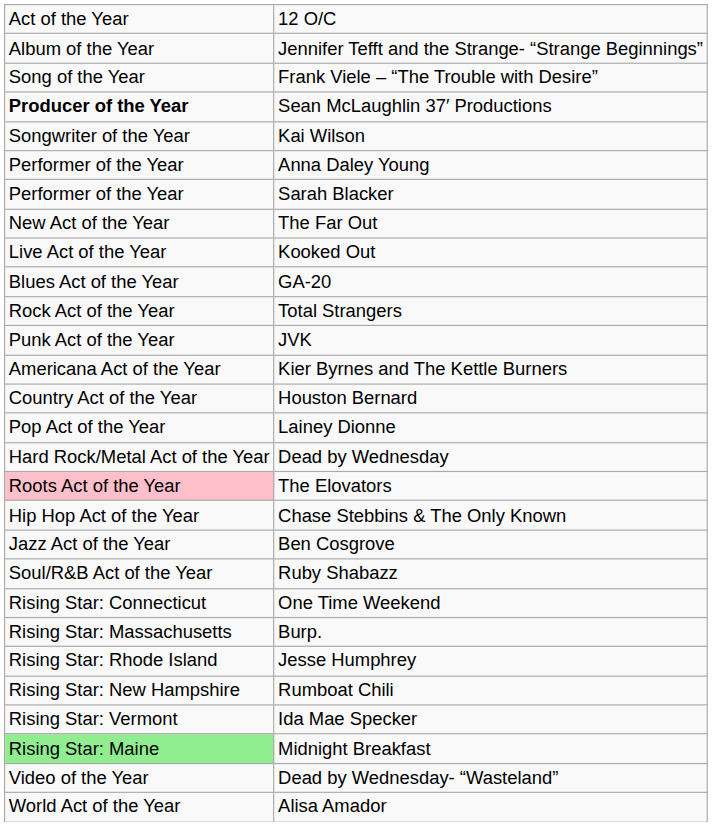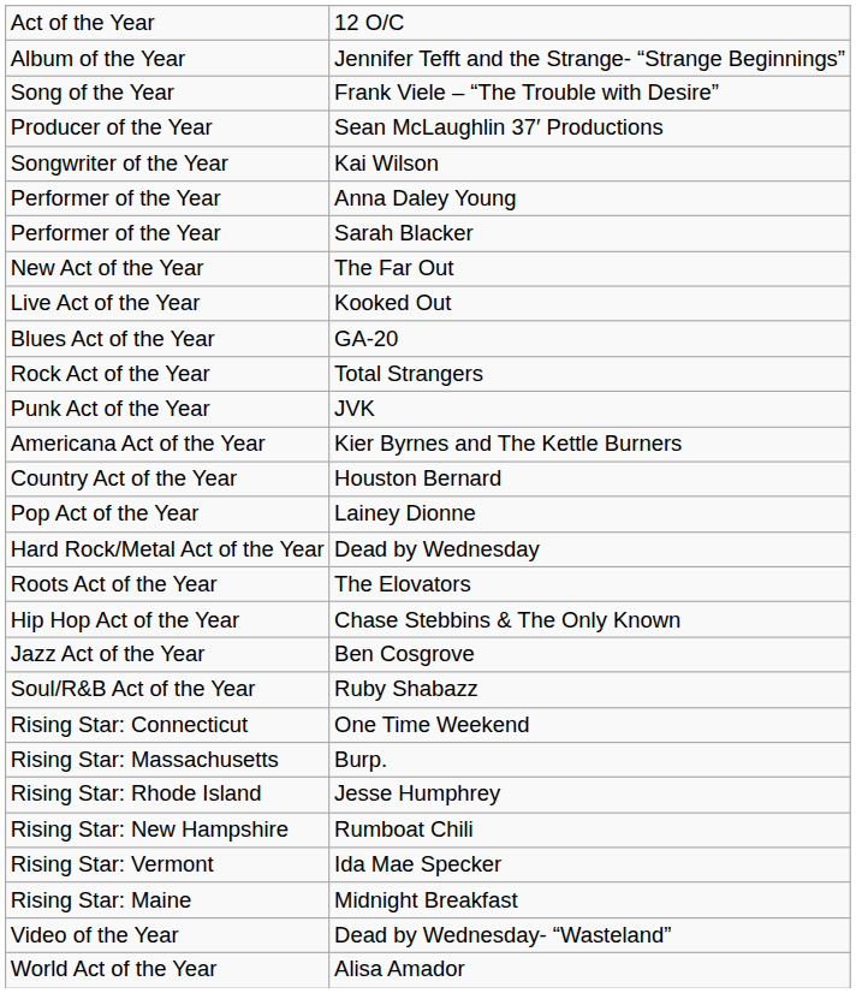 <table class="wikitable">
 <tr>
 <td>Act of the Year</td>
 <td>12 O/C</td>
 </tr>
 <tr>
 <td>Album of the Year</td>
 <td>Jennifer Tefft and the Strange- “Strange Beginnings”</td>
 </tr>
 <tr>
 <td>Song of the Year</td>
 <td>Frank Viele – “The Trouble with Desire”</td>
 </tr>
 <tr>
-<td><strong>Producer of the Year</strong></td>
+<td>Producer of the Year</td>
 <td>Sean McLaughlin 37′ Productions</td>
 </tr>
 <tr>
 <td>Songwriter of the Year</td>
 <td>Kai Wilson</td>
 </tr>
 <tr>
 <td>Performer of the Year</td>
 <td>Anna Daley Young</td>
 </tr>
 <tr>
 <td>Performer of the Year</td>
 <td>Sarah Blacker</td>
 </tr>
 <tr>
 <td>New Act of the Year</td>
 <td>The Far Out</td>
 </tr>
 <tr>
 <td>Live Act of the Year</td>
 <td>Kooked Out</td>
 </tr>
 <tr>
 <td>Blues Act of the Year</td>
 <td>GA-20</td>
 </tr>
 <tr>
 <td>Rock Act of the Year</td>
 <td>Total Strangers</td>
 </tr>
 <tr>
 <td>Punk Act of the Year</td>
 <td>JVK</td>
 </tr>
 <tr>
 <td>Americana Act of the Year</td>
 <td>Kier Byrnes and The Kettle Burners</td>
 </tr>
 <tr>
 <td>Country Act of the Year</td>
 <td>Houston Bernard</td>
 </tr>
 <tr>
 <td>Pop Act of the Year</td>
 <td>Lainey Dionne</td>
 </tr>
 <tr>
 <td>Hard Rock/Metal Act of the Year</td>
 <td>Dead by Wednesday</td>
 </tr>
 <tr>
-<td style="background: pink;">Roots Act of the Year</td>
+<td>Roots Act of the Year</td>
 <td>The Elovators</td>
 </tr>
 <tr>
 <td>Hip Hop Act of the Year</td>
 <td>Chase Stebbins & The Only Known</td>
 </tr>
 <tr>
 <td>Jazz Act of the Year</td>
 <td>Ben Cosgrove</td>
 </tr>
 <tr>
 <td>Soul/R&B Act of the Year</td>
 <td>Ruby Shabazz</td>
 </tr>
 <tr>
 <td>Rising Star: Connecticut</td>
 <td>One Time Weekend</td>
 </tr>
 <tr>
 <td>Rising Star: Massachusetts</td>
 <td>Burp.</td>
 </tr>
 <tr>
 <td>Rising Star: Rhode Island</td>
 <td>Jesse Humphrey</td>
 </tr>
 <tr>
 <td>Rising Star: New Hampshire</td>
 <td>Rumboat Chili</td>
 </tr>
 <tr>
 <td>Rising Star: Vermont</td>
 <td>Ida Mae Specker</td>
 </tr>
 <tr>
-<td style="background: lightgreen;">Rising Star: Maine</td>
+<td>Rising Star: Maine</td>
 <td>Midnight Breakfast</td>
 </tr>
 <tr>
 <td>Video of the Year</td>
 <td>Dead by Wednesday- “Wasteland”</td>
 </tr>
 <tr>
 <td>World Act of the Year</td>
 <td>Alisa Amador</td>
 </tr>
 </table>
